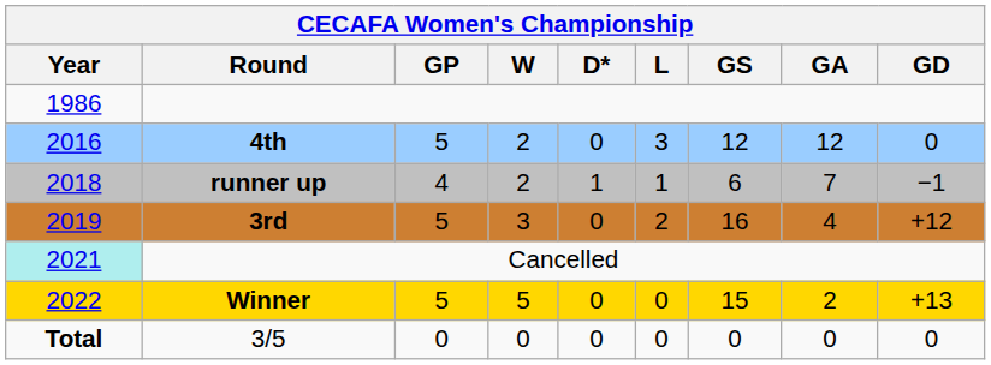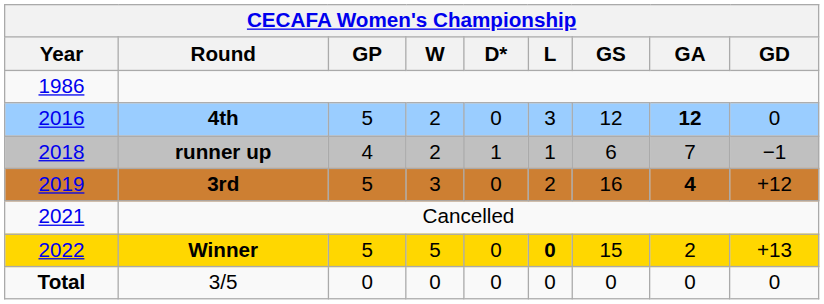 <table class="wikitable" style="text-align: center; width:50%;">
 <tr>
 <th colspan=10><a href='#'>CECAFA Women's Championship</a></th>
 </tr>
 <tr>
 <th>Year</th>
 <th>Round</th>
 <th>GP</th>
 <th>W</th>
 <th>D*</th>
 <th>L</th>
 <th>GS</th>
 <th>GA</th>
 <th>GD</th>
 </tr>
 <tr>
 <td> <a href='#'>1986</a></td>
 </tr>
 <tr bgcolor="#9ACDFF">
 <td> <a href='#'>2016</a></td>
 <td><strong>4th</strong></td>
 <td>5</td>
 <td>2</td>
 <td>0</td>
 <td>3</td>
 <td>12</td>
-<td>12</td>
+<td><strong>12</strong></td>
 <td>0</td>
 </tr>
 <tr bgcolor="silver">
 <td> <a href='#'>2018</a></td>
 <td><strong>runner up</strong></td>
 <td>4</td>
 <td>2</td>
 <td>1</td>
 <td>1</td>
 <td>6</td>
 <td>7</td>
 <td>−1</td>
 </tr>
 <tr bgcolor="#CD7F32 ">
 <td> <a href='#'>2019</a></td>
 <td><strong>3rd</strong></td>
 <td>5</td>
 <td>3</td>
 <td>0</td>
 <td>2</td>
 <td>16</td>
-<td>4</td>
+<td><strong>4</strong></td>
 <td>+12</td>
 </tr>
 <tr>
-<td style="background: paleturquoise;"> <a href='#'>2021</a></td>
+<td> <a href='#'>2021</a></td>
 <td colspan=8>Cancelled</td>
 </tr>
 <tr bgcolor="gold">
 <td> <a href='#'>2022</a></td>
 <td><strong>Winner</strong></td>
 <td>5</td>
 <td>5</td>
 <td>0</td>
-<td>0</td>
+<td><strong>0</strong></td>
 <td>15</td>
 <td>2</td>
 <td>+13</td>
 </tr>
 <tr>
 <td><strong>Total</strong></td>
 <td>3/5</td>
 <td>0</td>
 <td>0</td>
 <td>0</td>
 <td>0</td>
 <td>0</td>
 <td>0</td>
 <td>0</td>
 </tr>
 </table>
